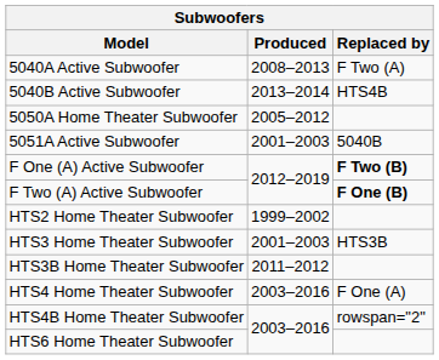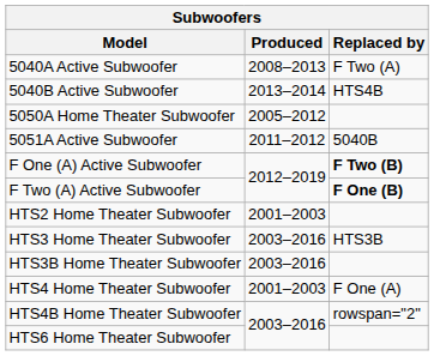 <table class="wikitable sortable mw-collapsible mw-collapsed" style="display: inline-table; margin-top: 0px; margin-bottom: 15px; margin-left: 2.5px; margin-right: 0px;">
 <tr>
 <th colspan="3">Subwoofers</th>
 </tr>
 <tr>
 <th>Model</th>
 <th>Produced</th>
 <th>Replaced by</th>
 </tr>
 <tr>
 <td>5040A Active Subwoofer</td>
 <td style="text-align: center;">2008–2013</td>
 <td data-sort-value="F2">F Two (A)</td>
 </tr>
 <tr>
 <td>5040B Active Subwoofer</td>
 <td style="text-align: center;">2013–2014</td>
 <td>HTS4B</td>
 </tr>
 <tr>
 <td>5050A Home Theater Subwoofer</td>
 <td style="text-align: center;">2005–2012</td>
 <td></td>
 </tr>
 <tr>
 <td>5051A Active Subwoofer</td>
-<td style="text-align: center;">2001–2003</td>
+<td style="text-align: center;">2011–2012</td>
 <td>5040B</td>
 </tr>
 <tr>
 <td data-sort-value="F1">F One (A) Active Subwoofer</td>
 <td style="text-align: center;" rowspan="2">2012–2019</td>
 <td data-sort-value="F2"><strong>F Two (B)</strong></td>
 </tr>
 <tr>
 <td data-sort-value="F2">F Two (A) Active Subwoofer</td>
 <td data-sort-value="F1"><strong>F One (B)</strong></td>
 </tr>
 <tr>
 <td>HTS2 Home Theater Subwoofer</td>
-<td style="text-align: center;">1999–2002</td>
+<td style="text-align: center;">2001–2003</td>
 <td></td>
 </tr>
 <tr>
 <td>HTS3 Home Theater Subwoofer</td>
-<td style="text-align: center;">2001–2003</td>
+<td style="text-align: center;">2003–2016</td>
 <td>HTS3B</td>
 </tr>
 <tr>
 <td>HTS3B Home Theater Subwoofer</td>
-<td style="text-align: center;">2011–2012</td>
+<td style="text-align: center;">2003–2016</td>
 <td></td>
 </tr>
 <tr>
 <td>HTS4 Home Theater Subwoofer</td>
-<td style="text-align: center;">2003–2016</td>
+<td style="text-align: center;">2001–2003</td>
 <td data-sort-value="F1">F One (A)</td>
 </tr>
 <tr>
 <td>HTS4B Home Theater Subwoofer</td>
 <td style="text-align: center;" rowspan="2">2003–2016</td>
 <td>rowspan="2" </td>
 </tr>
 <tr>
 <td>HTS6 Home Theater Subwoofer</td>
 </tr>
 </table>
